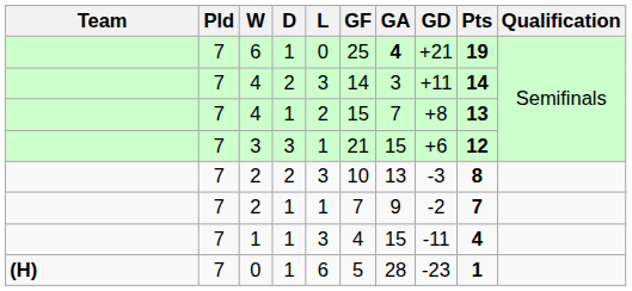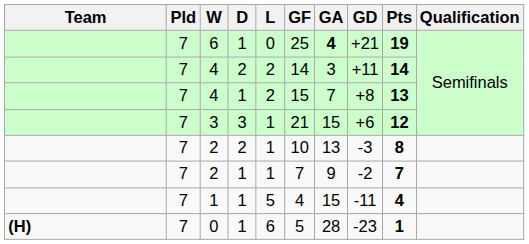 <table class="wikitable" style+"text-align:center;">
 <tr>
 <th width=150>Team</th>
 <th width=20>Pld</th>
 <th width=20>W</th>
 <th width=20>D</th>
 <th width=20>L</th>
 <th width=20>GF</th>
 <th width=20>GA</th>
 <th width=20>GD</th>
 <th width=20>Pts</th>
 <th>Qualification</th>
 </tr>
 <tr align=center bgcolor=ccffcc>
 <td align="left"></td>
 <td>7</td>
 <td>6</td>
 <td>1</td>
 <td>0</td>
 <td>25</td>
 <td><strong>4</strong></td>
 <td>+21</td>
 <td><strong>19</strong></td>
 <td rowspan=4>Semifinals</td>
 </tr>
 <tr align=center bgcolor=ccffcc>
 <td align="left"></td>
 <td>7</td>
 <td>4</td>
 <td>2</td>
-<td>3</td>
+<td>2</td>
 <td>14</td>
 <td>3</td>
 <td>+11</td>
 <td><strong>14</strong></td>
 </tr>
 <tr align=center bgcolor=ccffcc>
 <td align="left"></td>
 <td>7</td>
 <td>4</td>
 <td>1</td>
 <td>2</td>
 <td>15</td>
 <td>7</td>
 <td>+8</td>
 <td><strong>13</strong></td>
 </tr>
 <tr align=center bgcolor=ccffcc>
 <td align="left"></td>
 <td>7</td>
 <td>3</td>
 <td>3</td>
 <td>1</td>
 <td>21</td>
 <td>15</td>
 <td>+6</td>
 <td><strong>12</strong></td>
 </tr>
 <tr align=center>
 <td align="left"></td>
 <td>7</td>
 <td>2</td>
 <td>2</td>
-<td>3</td>
+<td>1</td>
 <td>10</td>
 <td>13</td>
 <td>-3</td>
 <td><strong>8</strong></td>
 <td></td>
 </tr>
 <tr align=center>
 <td align="left"></td>
 <td>7</td>
 <td>2</td>
 <td>1</td>
 <td>1</td>
 <td>7</td>
 <td>9</td>
 <td>-2</td>
 <td><strong>7</strong></td>
 <td></td>
 </tr>
 <tr align=center>
 <td align="left"></td>
 <td>7</td>
 <td>1</td>
 <td>1</td>
-<td>3</td>
+<td>5</td>
 <td>4</td>
 <td>15</td>
 <td>-11</td>
 <td><strong>4</strong></td>
 <td></td>
 </tr>
 <tr align=center>
 <td align="left"> <strong>(H)</strong></td>
 <td>7</td>
 <td>0</td>
 <td>1</td>
 <td>6</td>
 <td>5</td>
 <td>28</td>
 <td>-23</td>
 <td><strong>1</strong></td>
 <td></td>
 </tr>
 </table>
